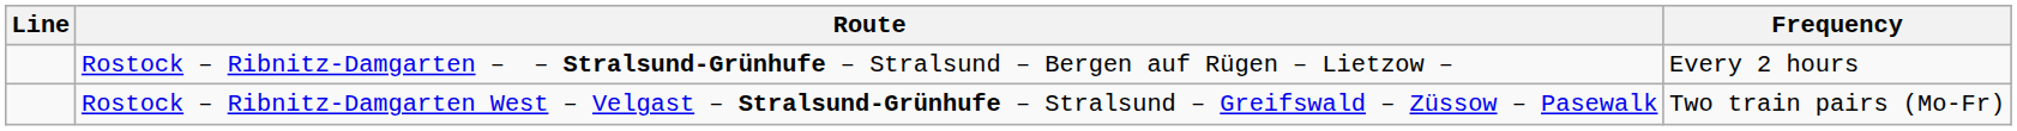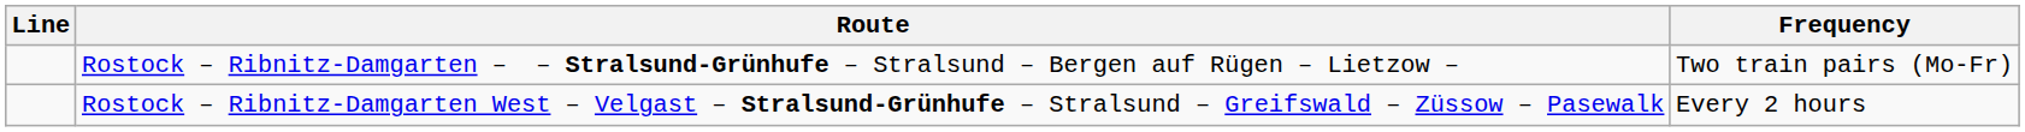 <table class="wikitable">
 <tr>
 <th>Line</th>
 <th>Route</th>
 <th>Frequency</th>
 </tr>
 <tr>
 <td></td>
 <td><a href='#'>Rostock</a> – <a href='#'>Ribnitz-Damgarten</a> –  – <strong>Stralsund-Grünhufe</strong> – Stralsund – Bergen auf Rügen – Lietzow – </td>
-<td>Every 2 hours</td>
+<td>Two train pairs (Mo-Fr)</td>
 </tr>
 <tr>
 <td></td>
 <td><a href='#'>Rostock</a> – <a href='#'>Ribnitz-Damgarten West</a> – <a href='#'>Velgast</a> – <strong>Stralsund-Grünhufe</strong> – Stralsund – <a href='#'>Greifswald</a> – <a href='#'>Züssow</a> – <a href='#'>Pasewalk</a></td>
-<td>Two train pairs (Mo-Fr)</td>
+<td>Every 2 hours</td>
 </tr>
 </table>
